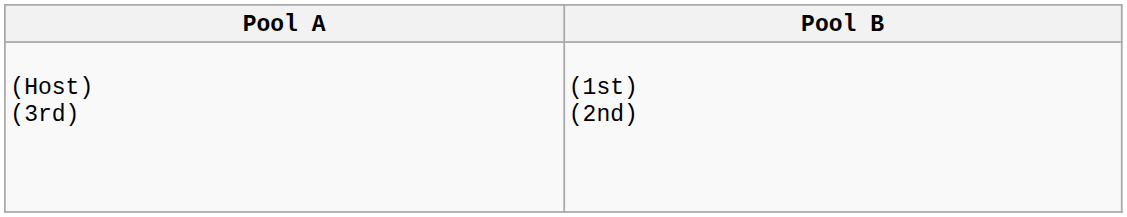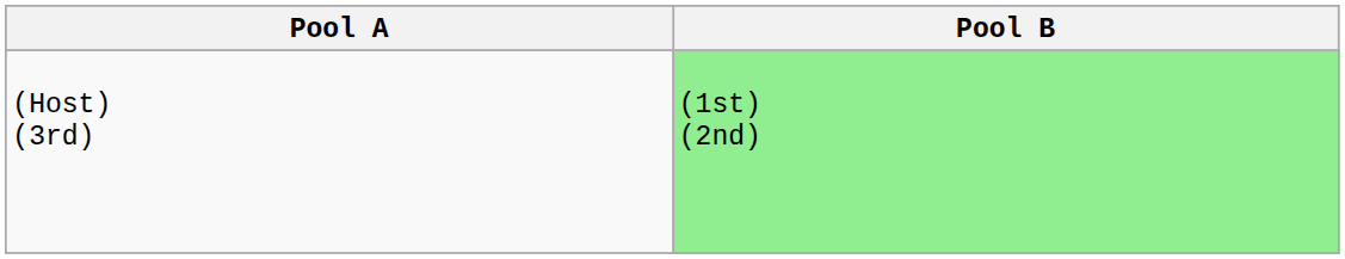 <table class="wikitable" width=50%>
 <tr>
 <th width=25%>Pool A</th>
 <th width=25%>Pool B</th>
 </tr>
 <tr>
 <td><br> (Host)<br>  (3rd)<br> <br> <br> <br> </td>
-<td><br> (1st)<br>  (2nd)<br> <br> <br> <br> </td>
+<td style="background: lightgreen;"><br> (1st)<br>  (2nd)<br> <br> <br> <br> </td>
 </tr>
 </table>
